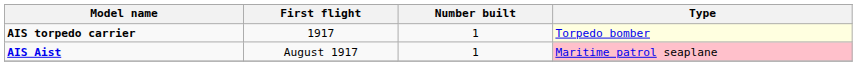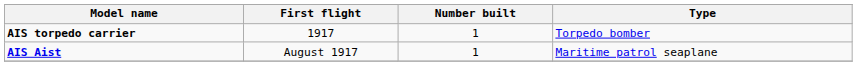 <table class="wikitable" width="100%" align=center style="font-size:90%;">
 <tr>
 </tr>
 <tr style="background:#efefef;">
 <th>Model name</th>
 <th>First flight</th>
 <th>Number built</th>
 <th>Type</th>
 </tr>
 <tr>
 <td align=left><strong>AIS torpedo carrier</strong></td>
 <td align=center>1917</td>
 <td align=center>1</td>
-<td align=left style="background: lightyellow;"><a href='#'>Torpedo bomber</a></td>
+<td align=left><a href='#'>Torpedo bomber</a></td>
 </tr>
 <tr>
 <td align=left><strong><a href='#'>AIS Aist</a></strong></td>
 <td align=center>August 1917</td>
 <td align=center>1</td>
-<td align=left style="background: pink;"><a href='#'>Maritime patrol</a> seaplane</td>
+<td align=left><a href='#'>Maritime patrol</a> seaplane</td>
 </tr>
 <tr>
 </tr>
 </table>
